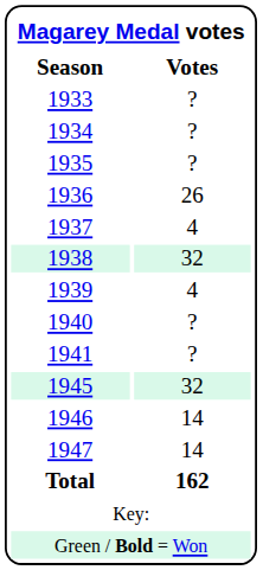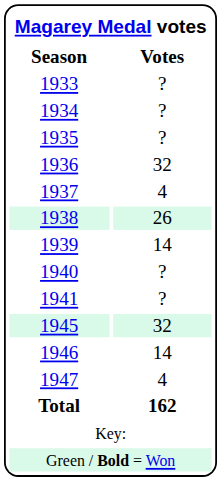 <table style="margin-right:4px; margin-top:8px; float:left; border:1px #000 solid; border-radius:8px; background:#fff; font-family:Verdana; font-size:8pt; text-align:center;">
 <tr style="background:#fff;">
 <td colspan="2;" style="padding:3px; margin-bottom:-3px; margin-top:2px; font-family:Arial; "><strong><a href='#'>Magarey Medal</a> votes</strong></td>
 </tr>
 <tr>
 <th style="width:50%;">Season</th>
 <th style="width:50%;">Votes</th>
 </tr>
 <tr>
 <td><a href='#'>1933</a></td>
 <td>?</td>
 </tr>
 <tr>
 <td><a href='#'>1934</a></td>
 <td>?</td>
 </tr>
 <tr>
 <td><a href='#'>1935</a></td>
 <td>?</td>
 </tr>
 <tr>
 <td><a href='#'>1936</a></td>
-<td>26</td>
+<td>32</td>
 </tr>
 <tr>
 <td><a href='#'>1937</a></td>
 <td>4</td>
 </tr>
 <tr style="background:#D9F9E9;">
 <td><a href='#'>1938</a></td>
-<td>32</td>
+<td>26</td>
 </tr>
 <tr>
 <td><a href='#'>1939</a></td>
-<td>4</td>
+<td>14</td>
 </tr>
 <tr>
 <td><a href='#'>1940</a></td>
 <td>?</td>
 </tr>
 <tr>
 <td><a href='#'>1941</a></td>
 <td>?</td>
 </tr>
 <tr style="background:#D9F9E9;">
 <td><a href='#'>1945</a></td>
 <td>32</td>
 </tr>
 <tr>
 <td><a href='#'>1946</a></td>
 <td>14</td>
 </tr>
 <tr>
 <td><a href='#'>1947</a></td>
-<td>14</td>
+<td>4</td>
 </tr>
 <tr>
 <td><strong>Total</strong></td>
 <td><strong>162</strong></td>
 </tr>
 <tr>
 <td colspan=2><small>Key:</small></td>
 </tr>
 <tr style="background:#d9f9e9; border:1px solid #aaa; width:2em;">
 <td colspan=2><small>Green / <strong>Bold</strong> = <a href='#'>Won</a></small></td>
 </tr>
 </table>
